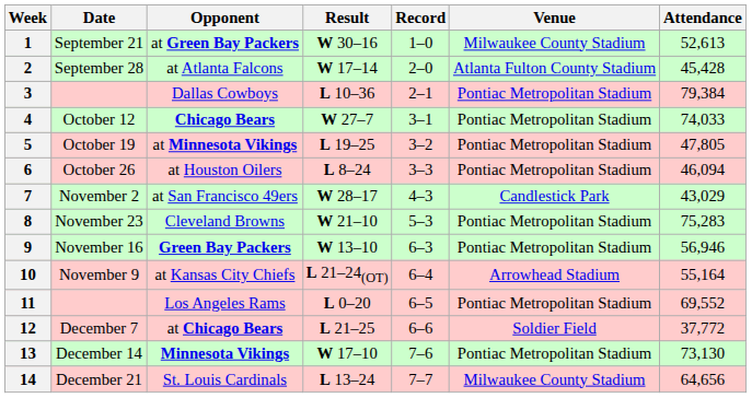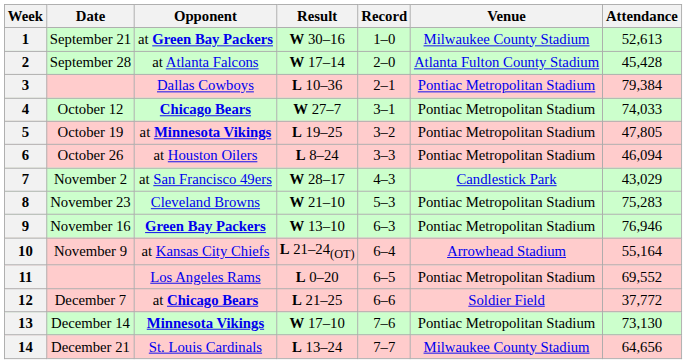 <table class="wikitable" style="text-align:center">
 <tr>
 <th>Week</th>
 <th>Date</th>
 <th>Opponent</th>
 <th>Result</th>
 <th>Record</th>
 <th>Venue</th>
 <th>Attendance</th>
 </tr>
 <tr style="background:#cfc">
 <th>1</th>
 <td>September 21</td>
 <td>at <strong><a href='#'>Green Bay Packers</a></strong></td>
 <td><strong>W</strong> 30–16</td>
 <td>1–0</td>
 <td><a href='#'>Milwaukee County Stadium</a></td>
 <td>52,613</td>
 </tr>
 <tr style="background:#cfc">
 <th>2</th>
 <td>September 28</td>
 <td>at <a href='#'>Atlanta Falcons</a></td>
 <td><strong>W</strong> 17–14</td>
 <td>2–0</td>
 <td><a href='#'>Atlanta Fulton County Stadium</a></td>
 <td>45,428</td>
 </tr>
 <tr style="background:#fcc">
 <th>3</th>
 <td></td>
 <td><a href='#'>Dallas Cowboys</a></td>
 <td><strong>L</strong> 10–36</td>
 <td>2–1</td>
 <td><a href='#'>Pontiac Metropolitan Stadium</a></td>
 <td>79,384</td>
 </tr>
 <tr style="background:#cfc">
 <th>4</th>
 <td>October 12</td>
 <td><strong><a href='#'>Chicago Bears</a></strong></td>
 <td><strong>W</strong> 27–7</td>
 <td>3–1</td>
 <td>Pontiac Metropolitan Stadium</td>
 <td>74,033</td>
 </tr>
 <tr style="background:#fcc">
 <th>5</th>
 <td>October 19</td>
 <td>at <strong><a href='#'>Minnesota Vikings</a></strong></td>
 <td><strong>L</strong> 19–25</td>
 <td>3–2</td>
 <td>Pontiac Metropolitan Stadium</td>
 <td>47,805</td>
 </tr>
 <tr style="background:#fcc">
 <th>6</th>
 <td>October 26</td>
 <td>at <a href='#'>Houston Oilers</a></td>
 <td><strong>L</strong> 8–24</td>
 <td>3–3</td>
 <td>Pontiac Metropolitan Stadium</td>
 <td>46,094</td>
 </tr>
 <tr style="background:#cfc">
 <th>7</th>
 <td>November 2</td>
 <td>at <a href='#'>San Francisco 49ers</a></td>
 <td><strong>W</strong> 28–17</td>
 <td>4–3</td>
 <td><a href='#'>Candlestick Park</a></td>
 <td>43,029</td>
 </tr>
 <tr style="background:#cfc">
 <th>8</th>
 <td>November 23</td>
 <td><a href='#'>Cleveland Browns</a></td>
 <td><strong>W</strong> 21–10</td>
 <td>5–3</td>
 <td>Pontiac Metropolitan Stadium</td>
 <td>75,283</td>
 </tr>
 <tr style="background:#cfc">
 <th>9</th>
 <td>November 16</td>
 <td><strong><a href='#'>Green Bay Packers</a></strong></td>
 <td><strong>W</strong> 13–10</td>
 <td>6–3</td>
 <td>Pontiac Metropolitan Stadium</td>
-<td>56,946</td>
+<td>76,946</td>
 </tr>
 <tr style="background:#fcc">
 <th>10</th>
 <td>November 9</td>
 <td>at <a href='#'>Kansas City Chiefs</a></td>
 <td><strong>L</strong> 21–24<sub>(OT)</sub></td>
 <td>6–4</td>
 <td><a href='#'>Arrowhead Stadium</a></td>
 <td>55,164</td>
 </tr>
 <tr style="background:#fcc">
 <th>11</th>
 <td></td>
 <td><a href='#'>Los Angeles Rams</a></td>
 <td><strong>L</strong> 0–20</td>
 <td>6–5</td>
 <td>Pontiac Metropolitan Stadium</td>
 <td>69,552</td>
 </tr>
 <tr style="background:#fcc">
 <th>12</th>
 <td>December 7</td>
 <td>at <strong><a href='#'>Chicago Bears</a></strong></td>
 <td><strong>L</strong> 21–25</td>
 <td>6–6</td>
 <td><a href='#'>Soldier Field</a></td>
 <td>37,772</td>
 </tr>
 <tr style="background:#cfc">
 <th>13</th>
 <td>December 14</td>
 <td><strong><a href='#'>Minnesota Vikings</a></strong></td>
 <td><strong>W</strong> 17–10</td>
 <td>7–6</td>
 <td>Pontiac Metropolitan Stadium</td>
 <td>73,130</td>
 </tr>
 <tr style="background:#fcc">
 <th>14</th>
 <td>December 21</td>
 <td><a href='#'>St. Louis Cardinals</a></td>
 <td><strong>L</strong> 13–24</td>
 <td>7–7</td>
 <td><a href='#'>Milwaukee County Stadium</a></td>
 <td>64,656</td>
 </tr>
 </table>
